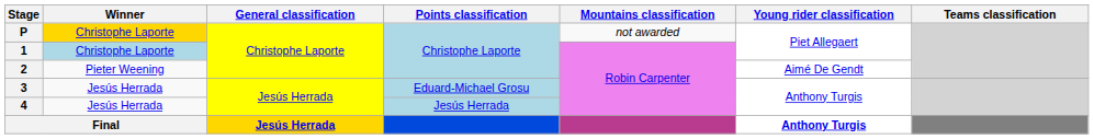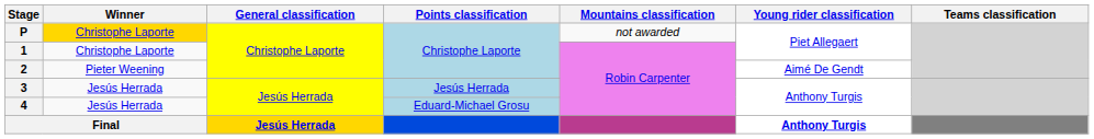 <table class="wikitable" style="text-align: center; font-size:smaller;">
 <tr>
 <th style="width:1%;">Stage</th>
 <th style="width:14%;">Winner</th>
 <th style="width:15%;"><a href='#'>General classification</a><br></th>
 <th style="width:15%;"><a href='#'>Points classification</a><br></th>
 <th style="width:15%;"><a href='#'>Mountains classification</a><br></th>
 <th style="width:15%;"><a href='#'>Young rider classification</a><br></th>
 <th style="width:15%;">Teams classification</th>
 </tr>
 <tr>
 <th>P</th>
 <td style="background: gold;"><a href='#'>Christophe Laporte</a></td>
 <td style="background:yellow;" rowspan="3"><a href='#'>Christophe Laporte</a></td>
 <td style="background:lightblue;" rowspan="3"><a href='#'>Christophe Laporte</a></td>
 <td><em>not awarded</em></td>
 <td style="background:white;" rowspan="2"><a href='#'>Piet Allegaert</a></td>
 <td style="background:lightgrey;" rowspan="3"></td>
 </tr>
 <tr>
 <th>1</th>
-<td style="background: lightblue;"><a href='#'>Christophe Laporte</a></td>
+<td><a href='#'>Christophe Laporte</a></td>
 <td style="background:violet;" rowspan="4"><a href='#'>Robin Carpenter</a></td>
 </tr>
 <tr>
 <th>2</th>
 <td><a href='#'>Pieter Weening</a></td>
 <td style="background:white;"><a href='#'>Aimé De Gendt</a></td>
 </tr>
 <tr>
 <th>3</th>
 <td><a href='#'>Jesús Herrada</a></td>
 <td style="background:yellow;" rowspan="2"><a href='#'>Jesús Herrada</a></td>
-<td style="background:lightblue;"><a href='#'>Eduard-Michael Grosu</a></td>
+<td style="background:lightblue;"><a href='#'>Jesús Herrada</a></td>
 <td style="background:white;" rowspan="2"><a href='#'>Anthony Turgis</a></td>
 <td style="background:lightgrey;" rowspan="2"></td>
 </tr>
 <tr>
 <th>4</th>
 <td><a href='#'>Jesús Herrada</a></td>
-<td style="background:lightblue;"><a href='#'>Jesús Herrada</a></td>
+<td style="background:lightblue;"><a href='#'>Eduard-Michael Grosu</a></td>
 </tr>
 <tr>
 <th colspan="2">Final</th>
 <th style="background:gold;"><a href='#'>Jesús Herrada</a></th>
 <th style="background:#0049DC;"></th>
 <th style="background:#B93B8F;"></th>
 <th style="background:white;"><a href='#'>Anthony Turgis</a></th>
 <th style="background:grey;"></th>
 </tr>
 </table>
